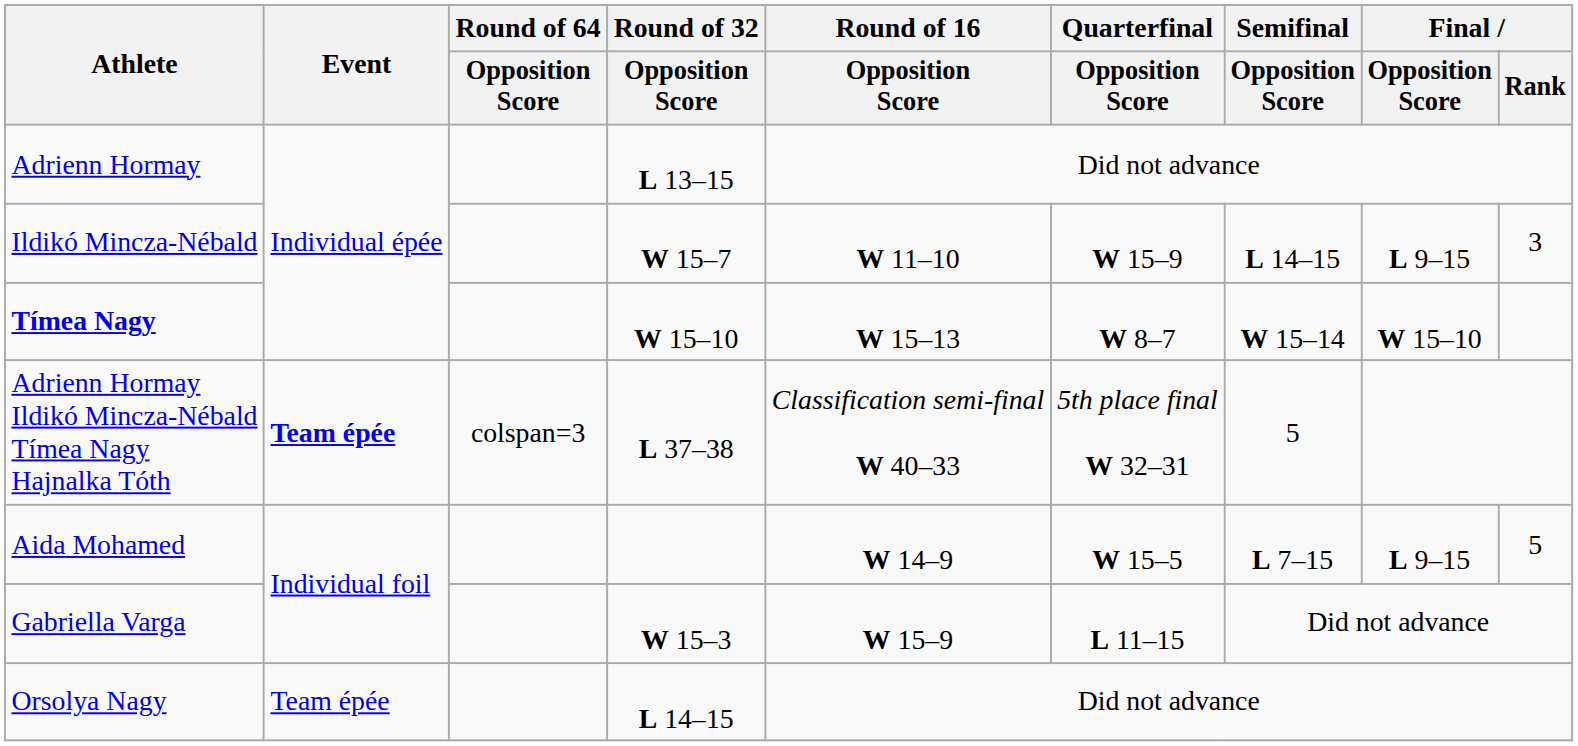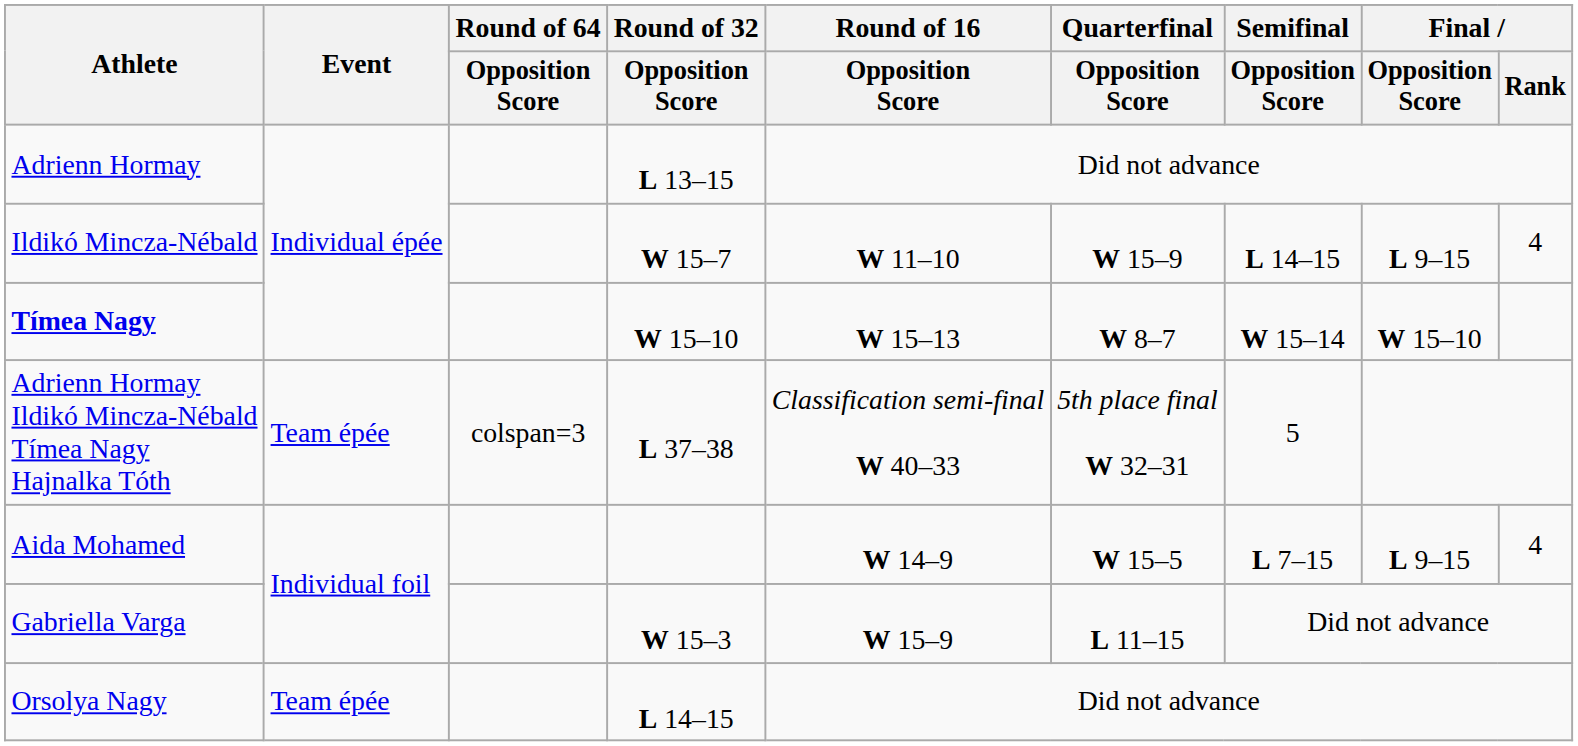 <table class="wikitable" style="font-size:90%">
 <tr>
 <th rowspan="2">Athlete</th>
 <th rowspan="2">Event</th>
 <th>Round of 64</th>
 <th>Round of 32</th>
 <th>Round of 16</th>
 <th>Quarterfinal</th>
 <th>Semifinal</th>
 <th colspan=2>Final / </th>
 </tr>
 <tr style="font-size:95%">
 <th>Opposition <br> Score</th>
 <th>Opposition <br> Score</th>
 <th>Opposition <br> Score</th>
 <th>Opposition <br> Score</th>
 <th>Opposition <br> Score</th>
 <th>Opposition <br> Score</th>
 <th>Rank</th>
 </tr>
 <tr align=center>
 <td align=left><a href='#'>Adrienn Hormay</a></td>
 <td align=left rowspan=3><a href='#'>Individual épée</a></td>
 <td></td>
 <td><br><strong>L</strong> 13–15</td>
 <td colspan=5>Did not advance</td>
 </tr>
 <tr align=center>
 <td align=left><a href='#'>Ildikó Mincza-Nébald</a></td>
 <td></td>
 <td><br><strong>W</strong> 15–7</td>
 <td><br><strong>W</strong> 11–10</td>
 <td><br><strong>W</strong> 15–9</td>
 <td><br><strong>L</strong> 14–15</td>
 <td><br><strong>L</strong> 9–15</td>
-<td>3</td>
+<td>4</td>
 </tr>
 <tr align=center>
 <td align=left><strong><a href='#'>Tímea Nagy</a></strong></td>
 <td></td>
 <td><br><strong>W</strong> 15–10</td>
 <td><br><strong>W</strong> 15–13</td>
 <td><br><strong>W</strong> 8–7</td>
 <td><br><strong>W</strong> 15–14</td>
 <td><br><strong>W</strong> 15–10</td>
 <td></td>
 </tr>
 <tr align=center>
 <td align=left><a href='#'>Adrienn Hormay</a><br><a href='#'>Ildikó Mincza-Nébald</a><br><a href='#'>Tímea Nagy</a><br><a href='#'>Hajnalka Tóth</a></td>
-<td align=left><strong><a href='#'>Team épée</a></strong></td>
+<td align=left><a href='#'>Team épée</a></td>
 <td>colspan=3 </td>
 <td><br><strong>L</strong> 37–38</td>
 <td><em>Classification semi-final</em><br><br><strong>W</strong> 40–33</td>
 <td><em>5th place final</em><br><br><strong>W</strong> 32–31</td>
 <td>5</td>
 </tr>
 <tr align=center>
 <td align=left><a href='#'>Aida Mohamed</a></td>
 <td align=left rowspan=2><a href='#'>Individual foil</a></td>
 <td></td>
 <td></td>
 <td><br><strong>W</strong> 14–9</td>
 <td><br><strong>W</strong> 15–5</td>
 <td><br><strong>L</strong> 7–15</td>
 <td><br><strong>L</strong> 9–15</td>
-<td>5</td>
+<td>4</td>
 </tr>
 <tr align=center>
 <td align=left><a href='#'>Gabriella Varga</a></td>
 <td></td>
 <td><br><strong>W</strong> 15–3</td>
 <td><br><strong>W</strong> 15–9</td>
 <td><br><strong>L</strong> 11–15</td>
 <td colspan=3>Did not advance</td>
 </tr>
 <tr align=center>
 <td align=left><a href='#'>Orsolya Nagy</a></td>
 <td align=left><a href='#'>Team épée</a></td>
 <td></td>
 <td><br><strong>L</strong> 14–15</td>
 <td colspan=5>Did not advance</td>
 </tr>
 </table>
